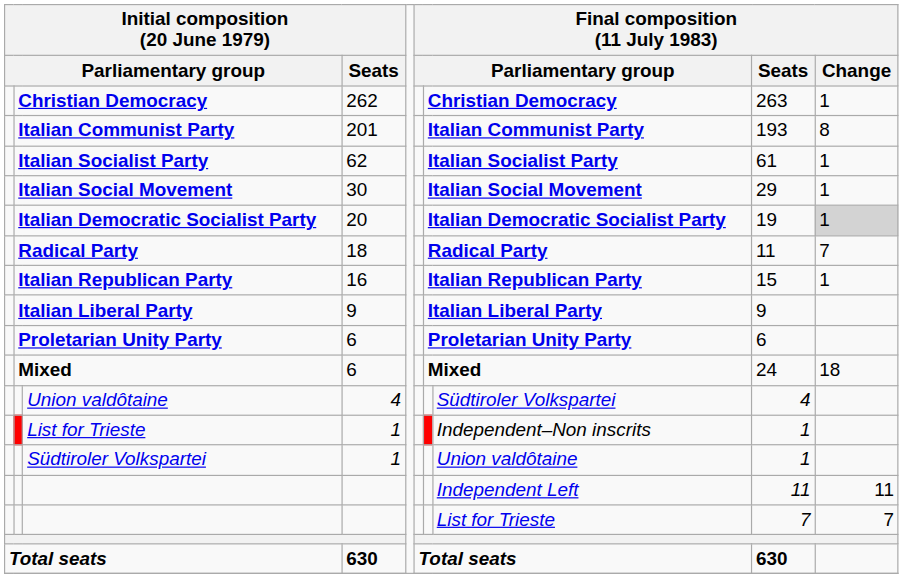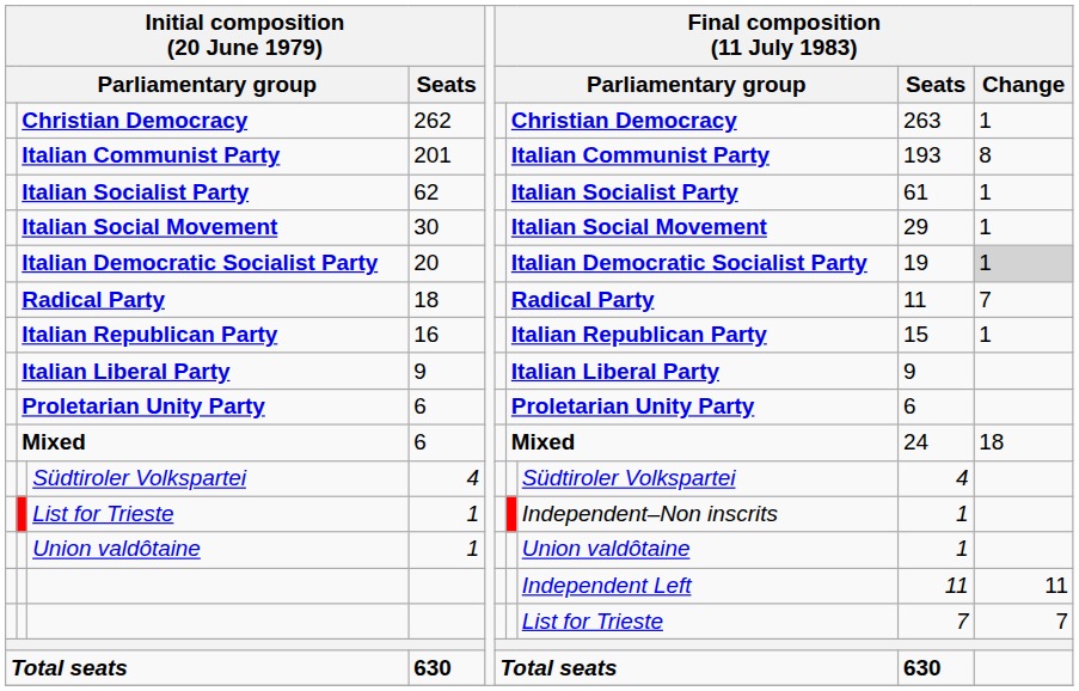 <table class="wikitable" style="width : 60%;">
 <tr>
 <th colspan="4">Initial composition<br>(20 June 1979)</th>
 <td rowspan="30" style="width : 1%;"></td>
 <th colspan="5">Final composition<br>(11 July 1983)</th>
 </tr>
 <tr>
 <th colspan="3">Parliamentary group</th>
 <th>Seats</th>
 <th colspan="3">Parliamentary group</th>
 <th>Seats</th>
 <th>Change</th>
 </tr>
 <tr>
 <td></td>
 <td colspan = "2"><strong><a href='#'>Christian Democracy</a></strong></td>
 <td>262</td>
 <td></td>
 <td colspan = "2"><strong><a href='#'>Christian Democracy</a></strong></td>
 <td>263</td>
 <td> 1</td>
 </tr>
 <tr>
 <td></td>
 <td colspan = "2"><strong><a href='#'>Italian Communist Party</a></strong></td>
 <td>201</td>
 <td></td>
 <td colspan = "2"><strong><a href='#'>Italian Communist Party</a></strong></td>
 <td>193</td>
 <td> 8</td>
 </tr>
 <tr>
 <td></td>
 <td colspan = "2"><strong><a href='#'>Italian Socialist Party</a></strong></td>
 <td>62</td>
 <td></td>
 <td colspan = "2"><strong><a href='#'>Italian Socialist Party</a></strong></td>
 <td>61</td>
 <td> 1</td>
 </tr>
 <tr>
 <td></td>
 <td colspan = "2"><strong><a href='#'>Italian Social Movement</a></strong></td>
 <td>30</td>
 <td></td>
 <td colspan = "2"><strong><a href='#'>Italian Social Movement</a></strong></td>
 <td>29</td>
 <td> 1</td>
 </tr>
 <tr>
 <td></td>
 <td colspan = "2"><strong><a href='#'>Italian Democratic Socialist Party</a></strong></td>
 <td>20</td>
 <td></td>
 <td colspan = "2"><strong><a href='#'>Italian Democratic Socialist Party</a></strong></td>
 <td>19</td>
 <td style="background: lightgrey;"> 1</td>
 </tr>
 <tr>
 <td></td>
 <td colspan = "2"><strong><a href='#'>Radical Party</a></strong></td>
 <td>18</td>
 <td></td>
 <td colspan = "2"><strong><a href='#'>Radical Party</a></strong></td>
 <td>11</td>
 <td> 7</td>
 </tr>
 <tr>
 <td></td>
 <td colspan = "2"><strong><a href='#'>Italian Republican Party</a></strong></td>
 <td>16</td>
 <td></td>
 <td colspan = "2"><strong><a href='#'>Italian Republican Party</a></strong></td>
 <td>15</td>
 <td> 1</td>
 </tr>
 <tr>
 <td></td>
 <td colspan = "2"><strong><a href='#'>Italian Liberal Party</a></strong></td>
 <td>9</td>
 <td></td>
 <td colspan = "2"><strong><a href='#'>Italian Liberal Party</a></strong></td>
 <td>9</td>
 <td></td>
 </tr>
 <tr>
 <td></td>
 <td colspan = "2"><strong><a href='#'>Proletarian Unity Party</a></strong></td>
 <td>6</td>
 <td></td>
 <td colspan = "2"><strong><a href='#'>Proletarian Unity Party</a></strong></td>
 <td>6</td>
 <td></td>
 </tr>
 <tr>
 <td></td>
 <td colspan = "2"><strong>Mixed</strong></td>
 <td>6</td>
 <td></td>
 <td colspan = "2"><strong>Mixed</strong></td>
 <td>24</td>
 <td> 18</td>
 </tr>
 <tr>
 <td></td>
 <td></td>
-<td><em><a href='#'>Union valdôtaine</a></em></td>
+<td><em><a href='#'>Südtiroler Volkspartei</a></em></td>
 <td align="right"><em>4</em></td>
 <td></td>
 <td></td>
 <td><em><a href='#'>Südtiroler Volkspartei</a></em></td>
 <td align="right"><em>4</em></td>
 <td align="right"></td>
 </tr>
 <tr>
 <td></td>
 <td bgcolor="red" width=1%></td>
 <td><em><a href='#'>List for Trieste</a></em></td>
 <td align="right"><em>1</em></td>
 <td></td>
 <td bgcolor="red" width=1%></td>
 <td><em>Independent–Non inscrits</em></td>
 <td align="right"><em>1</em></td>
 <td align="right"></td>
 </tr>
 <tr>
 <td></td>
 <td></td>
-<td><em><a href='#'>Südtiroler Volkspartei</a></em></td>
+<td><em><a href='#'>Union valdôtaine</a></em></td>
 <td align="right"><em>1</em></td>
 <td></td>
 <td></td>
 <td><em><a href='#'>Union valdôtaine</a></em></td>
 <td align="right"><em>1</em></td>
 <td align="right"></td>
 </tr>
 <tr>
 <td></td>
 <td></td>
 <td></td>
 <td></td>
 <td></td>
 <td></td>
 <td><em><a href='#'>Independent Left</a></em></td>
 <td align="right"><em>11</em></td>
 <td align="right"> 11</td>
 </tr>
 <tr>
 <td></td>
 <td></td>
 <td></td>
 <td></td>
 <td></td>
 <td></td>
 <td><em><a href='#'>List for Trieste</a></em></td>
 <td align="right"><em>7</em></td>
 <td align="right"> 7</td>
 </tr>
 <tr>
 <th colspan="4"></th>
 <th colspan="5"></th>
 </tr>
 <tr>
 <td colspan="3"><strong><em>Total seats</em></strong></td>
 <td><strong>630</strong></td>
 <td colspan="3"><strong><em>Total seats</em></strong></td>
 <td><strong>630</strong></td>
 <td></td>
 </tr>
 <tr>
 </tr>
 </table>
